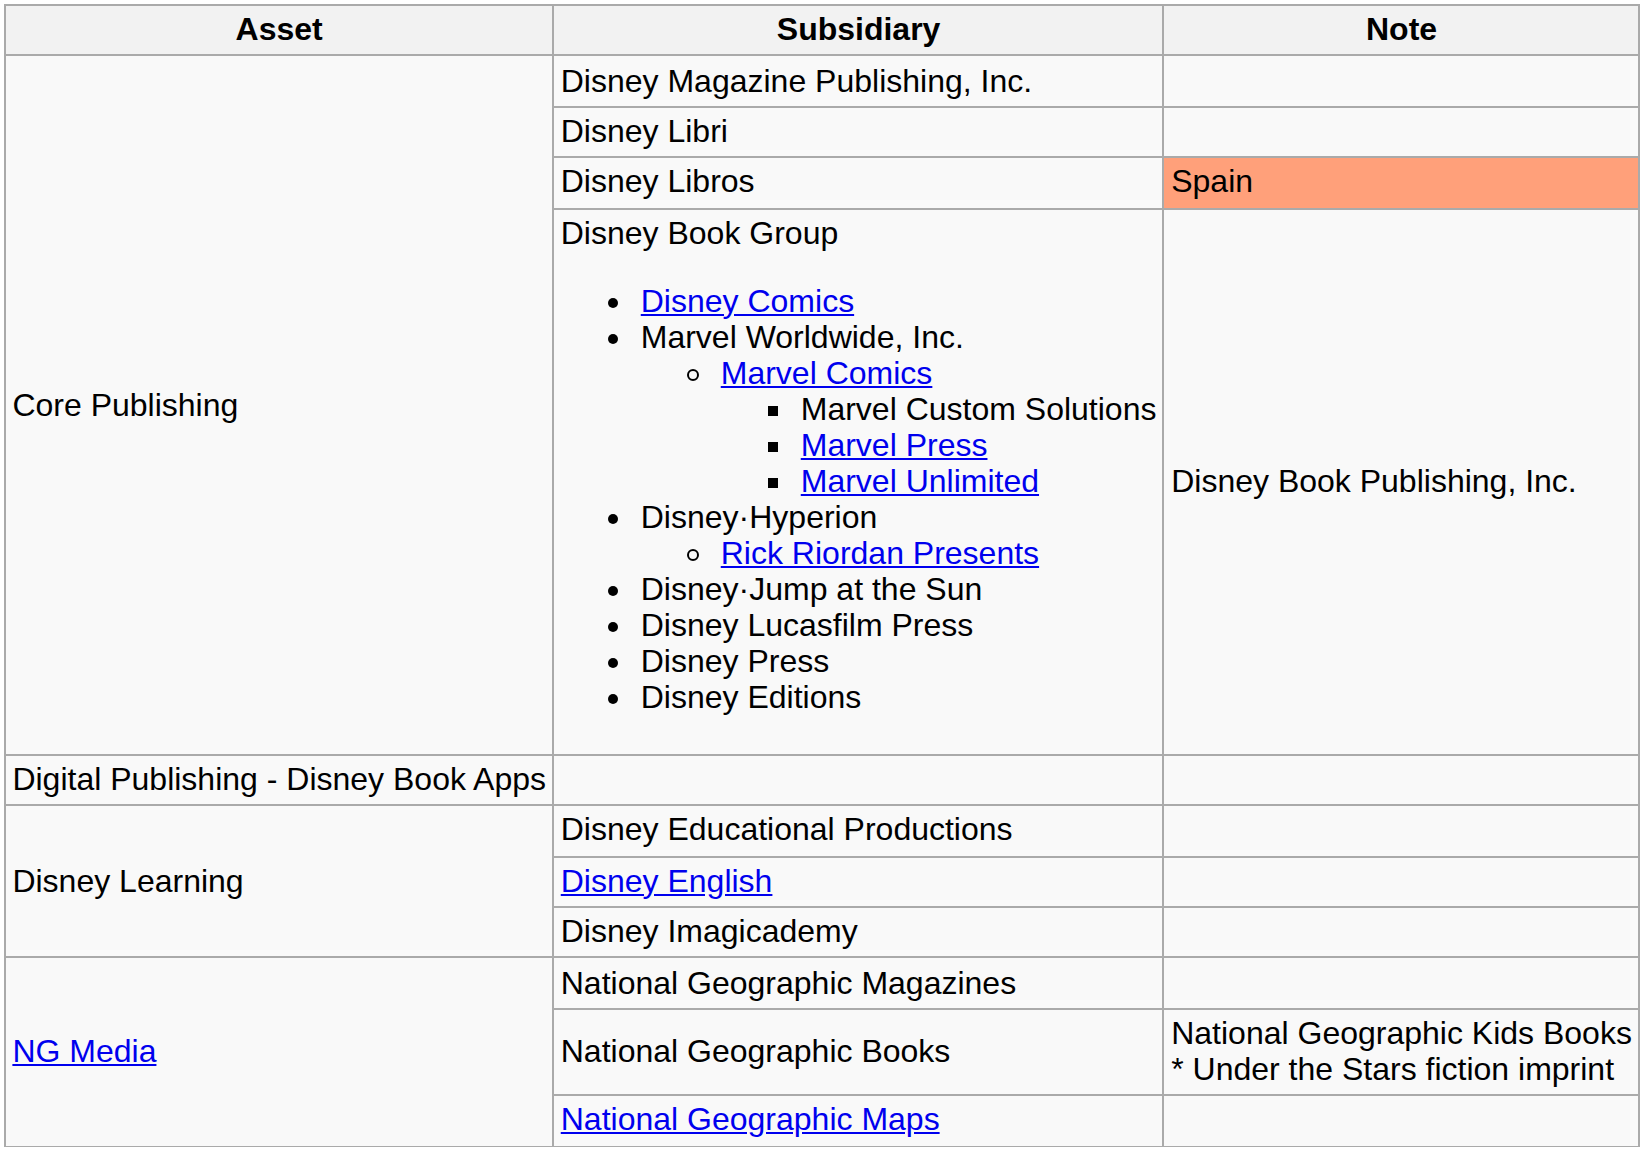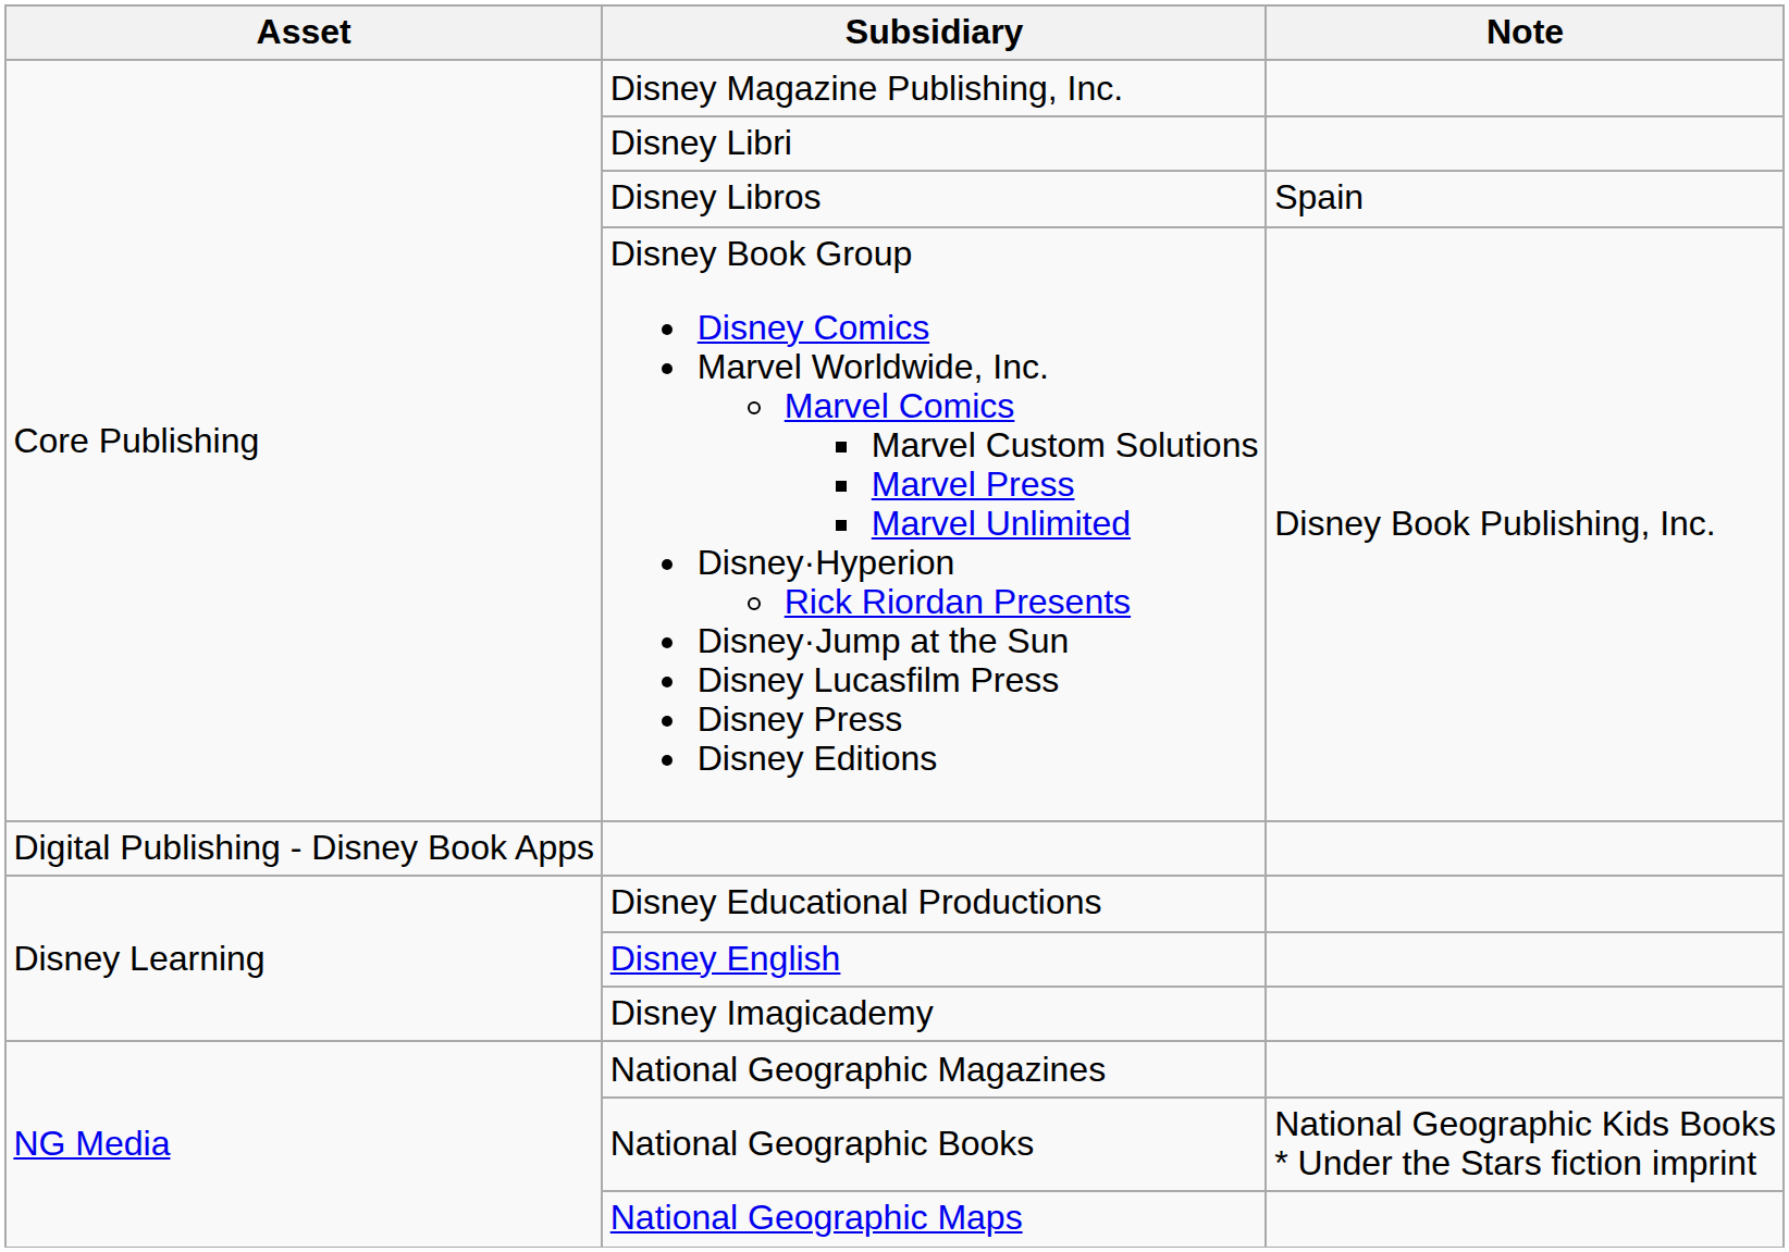 <table class="wikitable">
 <tr>
 <th>Asset</th>
 <th>Subsidiary</th>
 <th>Note</th>
 </tr>
 <tr>
 <td rowspan="4">Core Publishing</td>
 <td>Disney Magazine Publishing, Inc.</td>
 <td></td>
 </tr>
 <tr>
 <td>Disney Libri</td>
 <td></td>
 </tr>
 <tr>
 <td>Disney Libros</td>
-<td style="background: lightsalmon;">Spain</td>
+<td>Spain</td>
 </tr>
 <tr>
 <td>Disney Book Group<br><ul><li><a href='#'>Disney Comics</a></li><li>Marvel Worldwide, Inc.<ul><li><a href='#'>Marvel Comics</a><ul><li>Marvel Custom Solutions</li><li><a href='#'>Marvel Press</a></li><li><a href='#'>Marvel Unlimited</a></li></ul></li></ul></li><li>Disney·Hyperion<ul><li><a href='#'>Rick Riordan Presents</a></li></ul></li><li>Disney·Jump at the Sun</li><li>Disney Lucasfilm Press</li><li>Disney Press</li><li>Disney Editions</li></ul></td>
 <td>Disney Book Publishing, Inc.</td>
 </tr>
 <tr>
 <td>Digital Publishing - Disney Book Apps</td>
 <td></td>
 <td></td>
 </tr>
 <tr>
 <td rowspan="3">Disney Learning</td>
 <td>Disney Educational Productions</td>
 <td></td>
 </tr>
 <tr>
 <td><a href='#'>Disney English</a></td>
 <td></td>
 </tr>
 <tr>
 <td>Disney Imagicademy</td>
 <td></td>
 </tr>
 <tr>
 <td rowspan=3><a href='#'>NG Media</a></td>
 <td>National Geographic Magazines</td>
 <td></td>
 </tr>
 <tr>
 <td>National Geographic Books</td>
 <td>National Geographic Kids Books<br>* Under the Stars fiction imprint</td>
 </tr>
 <tr>
 <td><a href='#'>National Geographic Maps</a></td>
 <td></td>
 </tr>
 </table>
